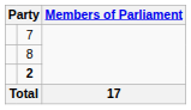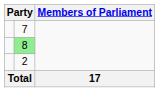 <table class="wikitable mw-collapsible">
 <tr>
 <th colspan=2>Party</th>
 <th><a href='#'>Members of Parliament</a></th>
 </tr>
 <tr>
 <td></td>
 <td align=center>7</td>
 </tr>
 <tr>
 <td></td>
-<td align=center>8</td>
+<td align=center style="background: lightgreen;">8</td>
 </tr>
 <tr>
 <td></td>
-<td align=center><strong>2</strong></td>
+<td align=center>2</td>
 </tr>
 <tr>
 <th colspan=2>Total</th>
 <th>17</th>
 </tr>
 </table>
